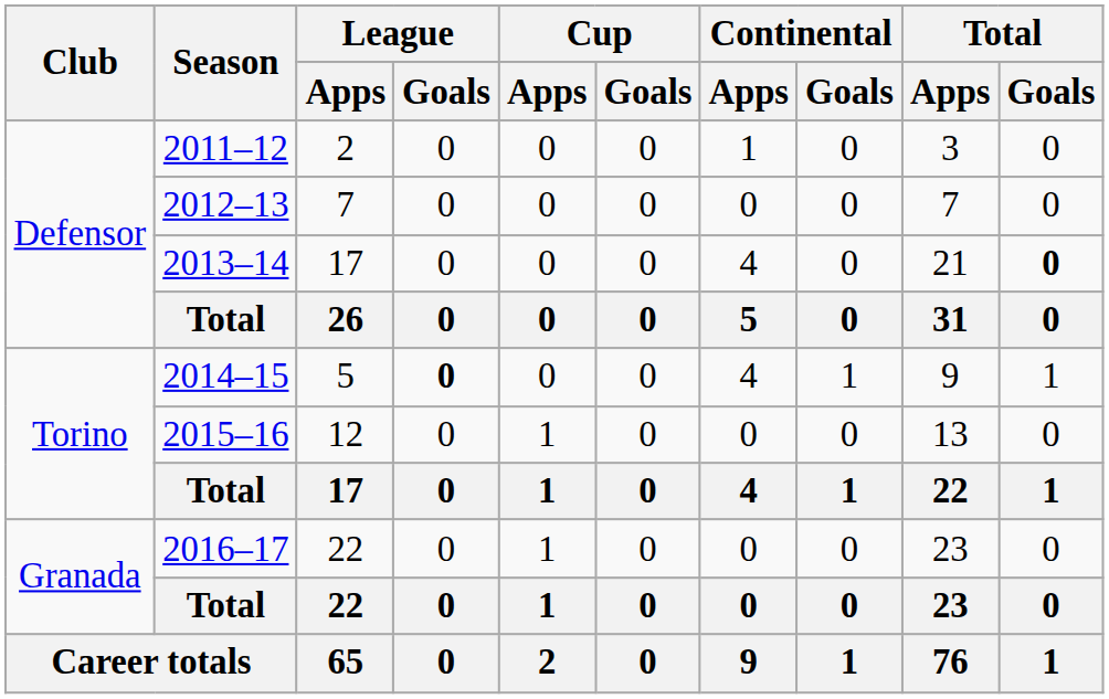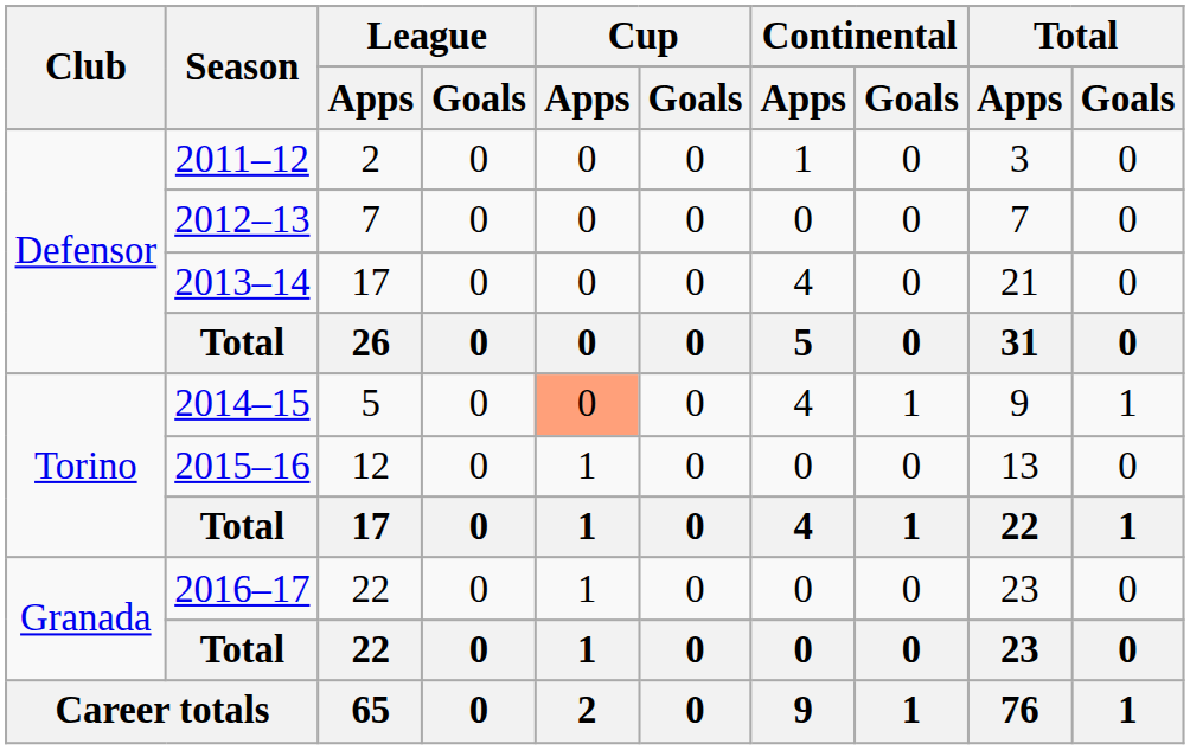 <table class="wikitable" style="text-align: center;">
 <tr>
 <th rowspan="2">Club</th>
 <th rowspan="2">Season</th>
 <th colspan="2">League</th>
 <th colspan="2">Cup</th>
 <th colspan="2">Continental</th>
 <th colspan="2">Total</th>
 </tr>
 <tr>
 <th>Apps</th>
 <th>Goals</th>
 <th>Apps</th>
 <th>Goals</th>
 <th>Apps</th>
 <th>Goals</th>
 <th>Apps</th>
 <th>Goals</th>
 </tr>
 <tr>
 <td rowspan="4" valign="center"><a href='#'>Defensor</a></td>
 <td><a href='#'>2011–12</a></td>
 <td>2</td>
 <td>0</td>
 <td>0</td>
 <td>0</td>
 <td>1</td>
 <td>0</td>
 <td>3</td>
 <td>0</td>
 </tr>
 <tr>
 <td><a href='#'>2012–13</a></td>
 <td>7</td>
 <td>0</td>
 <td>0</td>
 <td>0</td>
 <td>0</td>
 <td>0</td>
 <td>7</td>
 <td>0</td>
 </tr>
 <tr>
 <td><a href='#'>2013–14</a></td>
 <td>17</td>
 <td>0</td>
 <td>0</td>
 <td>0</td>
 <td>4</td>
 <td>0</td>
 <td>21</td>
-<td><strong>0</strong></td>
+<td>0</td>
 </tr>
 <tr>
 <th>Total</th>
 <th>26</th>
 <th>0</th>
 <th>0</th>
 <th>0</th>
 <th>5</th>
 <th>0</th>
 <th>31</th>
 <th>0</th>
 </tr>
 <tr>
 <td rowspan="3" valign="center"><a href='#'>Torino</a></td>
 <td><a href='#'>2014–15</a></td>
 <td>5</td>
-<td><strong>0</strong></td>
 <td>0</td>
+<td style="background: lightsalmon;">0</td>
 <td>0</td>
 <td>4</td>
 <td>1</td>
 <td>9</td>
 <td>1</td>
 </tr>
 <tr>
 <td><a href='#'>2015–16</a></td>
 <td>12</td>
 <td>0</td>
 <td>1</td>
 <td>0</td>
 <td>0</td>
 <td>0</td>
 <td>13</td>
 <td>0</td>
 </tr>
 <tr>
 <th>Total</th>
 <th>17</th>
 <th>0</th>
 <th>1</th>
 <th>0</th>
 <th>4</th>
 <th>1</th>
 <th>22</th>
 <th>1</th>
 </tr>
 <tr>
 <td rowspan="2" valign="center"><a href='#'>Granada</a></td>
 <td><a href='#'>2016–17</a></td>
 <td>22</td>
 <td>0</td>
 <td>1</td>
 <td>0</td>
 <td>0</td>
 <td>0</td>
 <td>23</td>
 <td>0</td>
 </tr>
 <tr>
 <th>Total</th>
 <th>22</th>
 <th>0</th>
 <th>1</th>
 <th>0</th>
 <th>0</th>
 <th>0</th>
 <th>23</th>
 <th>0</th>
 </tr>
 <tr>
 <th colspan="2">Career totals</th>
 <th>65</th>
 <th>0</th>
 <th>2</th>
 <th>0</th>
 <th>9</th>
 <th>1</th>
 <th>76</th>
 <th>1</th>
 </tr>
 </table>
